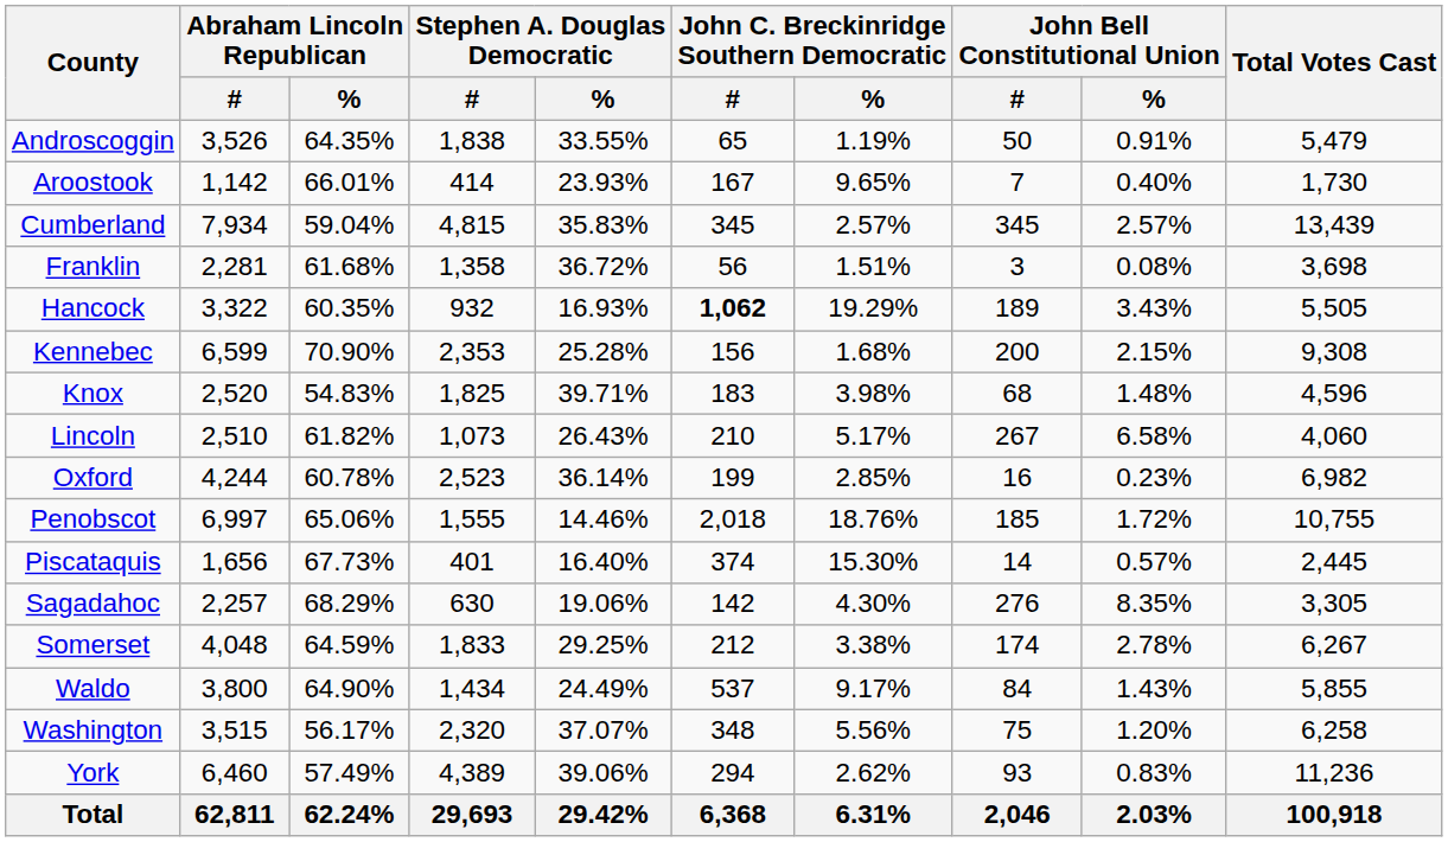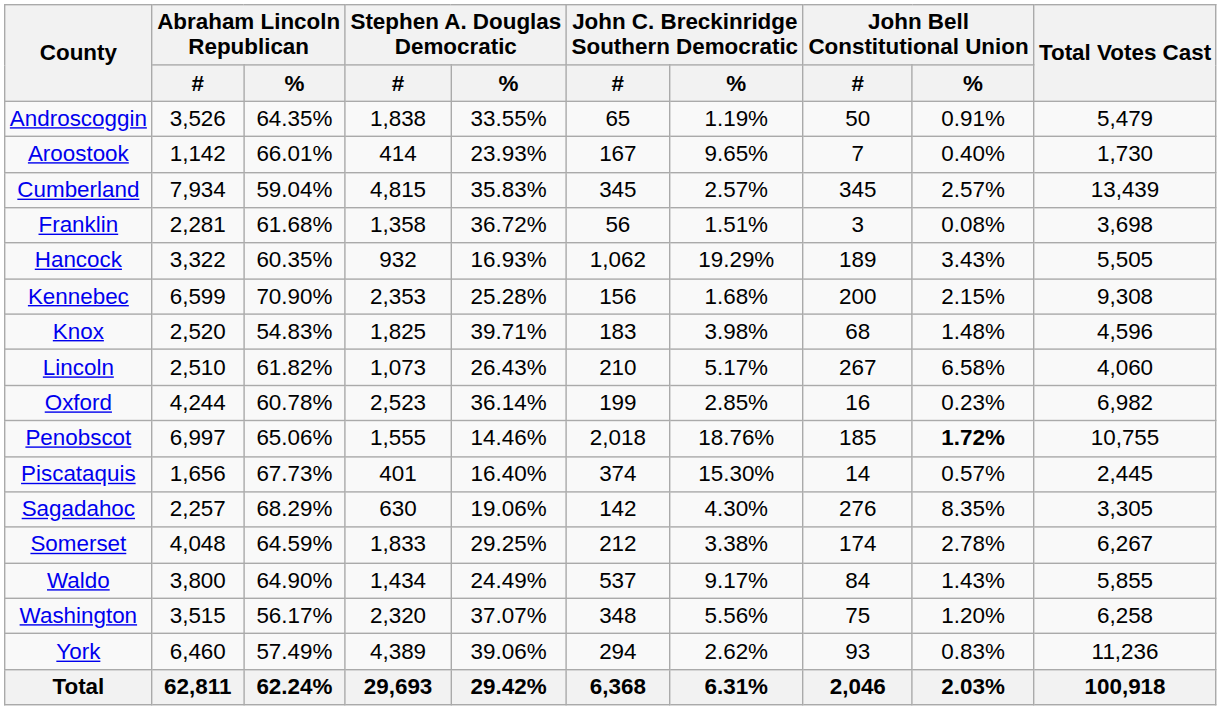 <table class="wikitable sortable">
 <tr>
 <th rowspan="2">County</th>
 <th colspan="2">Abraham Lincoln<br>Republican</th>
 <th colspan="2">Stephen A. Douglas<br>Democratic</th>
 <th colspan="2">John C. Breckinridge<br>Southern Democratic</th>
 <th colspan="2">John Bell<br>Constitutional Union</th>
 <th rowspan="2">Total Votes Cast</th>
 </tr>
 <tr style="text-align:center;">
 <th>#</th>
 <th>%</th>
 <th>#</th>
 <th>%</th>
 <th>#</th>
 <th>%</th>
 <th>#</th>
 <th>%</th>
 </tr>
 <tr style="text-align:center;">
 <td><a href='#'>Androscoggin</a></td>
 <td>3,526</td>
 <td>64.35%</td>
 <td>1,838</td>
 <td>33.55%</td>
 <td>65</td>
 <td>1.19%</td>
 <td>50</td>
 <td>0.91%</td>
 <td>5,479</td>
 </tr>
 <tr style="text-align:center;">
 <td><a href='#'>Aroostook</a></td>
 <td>1,142</td>
 <td>66.01%</td>
 <td>414</td>
 <td>23.93%</td>
 <td>167</td>
 <td>9.65%</td>
 <td>7</td>
 <td>0.40%</td>
 <td>1,730</td>
 </tr>
 <tr style="text-align:center;">
 <td><a href='#'>Cumberland</a></td>
 <td>7,934</td>
 <td>59.04%</td>
 <td>4,815</td>
 <td>35.83%</td>
 <td>345</td>
 <td>2.57%</td>
 <td>345</td>
 <td>2.57%</td>
 <td>13,439</td>
 </tr>
 <tr style="text-align:center;">
 <td><a href='#'>Franklin</a></td>
 <td>2,281</td>
 <td>61.68%</td>
 <td>1,358</td>
 <td>36.72%</td>
 <td>56</td>
 <td>1.51%</td>
 <td>3</td>
 <td>0.08%</td>
 <td>3,698</td>
 </tr>
 <tr style="text-align:center;">
 <td><a href='#'>Hancock</a></td>
 <td>3,322</td>
 <td>60.35%</td>
 <td>932</td>
 <td>16.93%</td>
-<td><strong>1,062</strong></td>
+<td>1,062</td>
 <td>19.29%</td>
 <td>189</td>
 <td>3.43%</td>
 <td>5,505</td>
 </tr>
 <tr style="text-align:center;">
 <td><a href='#'>Kennebec</a></td>
 <td>6,599</td>
 <td>70.90%</td>
 <td>2,353</td>
 <td>25.28%</td>
 <td>156</td>
 <td>1.68%</td>
 <td>200</td>
 <td>2.15%</td>
 <td>9,308</td>
 </tr>
 <tr style="text-align:center;">
 <td><a href='#'>Knox</a></td>
 <td>2,520</td>
 <td>54.83%</td>
 <td>1,825</td>
 <td>39.71%</td>
 <td>183</td>
 <td>3.98%</td>
 <td>68</td>
 <td>1.48%</td>
 <td>4,596</td>
 </tr>
 <tr style="text-align:center;">
 <td><a href='#'>Lincoln</a></td>
 <td>2,510</td>
 <td>61.82%</td>
 <td>1,073</td>
 <td>26.43%</td>
 <td>210</td>
 <td>5.17%</td>
 <td>267</td>
 <td>6.58%</td>
 <td>4,060</td>
 </tr>
 <tr style="text-align:center;">
 <td><a href='#'>Oxford</a></td>
 <td>4,244</td>
 <td>60.78%</td>
 <td>2,523</td>
 <td>36.14%</td>
 <td>199</td>
 <td>2.85%</td>
 <td>16</td>
 <td>0.23%</td>
 <td>6,982</td>
 </tr>
 <tr style="text-align:center;">
 <td><a href='#'>Penobscot</a></td>
 <td>6,997</td>
 <td>65.06%</td>
 <td>1,555</td>
 <td>14.46%</td>
 <td>2,018</td>
 <td>18.76%</td>
 <td>185</td>
-<td>1.72%</td>
+<td><strong>1.72%</strong></td>
 <td>10,755</td>
 </tr>
 <tr style="text-align:center;">
 <td><a href='#'>Piscataquis</a></td>
 <td>1,656</td>
 <td>67.73%</td>
 <td>401</td>
 <td>16.40%</td>
 <td>374</td>
 <td>15.30%</td>
 <td>14</td>
 <td>0.57%</td>
 <td>2,445</td>
 </tr>
 <tr style="text-align:center;">
 <td><a href='#'>Sagadahoc</a></td>
 <td>2,257</td>
 <td>68.29%</td>
 <td>630</td>
 <td>19.06%</td>
 <td>142</td>
 <td>4.30%</td>
 <td>276</td>
 <td>8.35%</td>
 <td>3,305</td>
 </tr>
 <tr style="text-align:center;">
 <td><a href='#'>Somerset</a></td>
 <td>4,048</td>
 <td>64.59%</td>
 <td>1,833</td>
 <td>29.25%</td>
 <td>212</td>
 <td>3.38%</td>
 <td>174</td>
 <td>2.78%</td>
 <td>6,267</td>
 </tr>
 <tr style="text-align:center;">
 <td><a href='#'>Waldo</a></td>
 <td>3,800</td>
 <td>64.90%</td>
 <td>1,434</td>
 <td>24.49%</td>
 <td>537</td>
 <td>9.17%</td>
 <td>84</td>
 <td>1.43%</td>
 <td>5,855</td>
 </tr>
 <tr style="text-align:center;">
 <td><a href='#'>Washington</a></td>
 <td>3,515</td>
 <td>56.17%</td>
 <td>2,320</td>
 <td>37.07%</td>
 <td>348</td>
 <td>5.56%</td>
 <td>75</td>
 <td>1.20%</td>
 <td>6,258</td>
 </tr>
 <tr style="text-align:center;">
 <td><a href='#'>York</a></td>
 <td>6,460</td>
 <td>57.49%</td>
 <td>4,389</td>
 <td>39.06%</td>
 <td>294</td>
 <td>2.62%</td>
 <td>93</td>
 <td>0.83%</td>
 <td>11,236</td>
 </tr>
 <tr style="text-align:center;">
 <th>Total</th>
 <th>62,811</th>
 <th>62.24%</th>
 <th>29,693</th>
 <th>29.42%</th>
 <th>6,368</th>
 <th>6.31%</th>
 <th>2,046</th>
 <th>2.03%</th>
 <th>100,918</th>
 </tr>
 </table>
